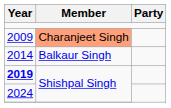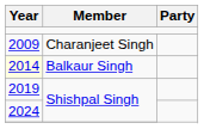 <table class="wikitable">
 <tr>
 <th>Year</th>
 <th>Member</th>
 <th colspan=2>Party</th>
 </tr>
 <tr>
 <td colspan="4"></td>
 </tr>
 <tr>
 <td><a href='#'>2009</a></td>
-<td style="background: lightsalmon;">Charanjeet Singh</td>
+<td>Charanjeet Singh</td>
 <td></td>
 </tr>
 <tr>
-<td><a href='#'>2014</a></td>
+<td style="background: lightyellow;"><a href='#'>2014</a></td>
 <td><a href='#'>Balkaur Singh</a></td>
 </tr>
 <tr>
-<td><strong><a href='#'>2019</a></strong></td>
+<td><a href='#'>2019</a></td>
 <td rowspan=2><a href='#'>Shishpal Singh</a></td>
 <td></td>
 </tr>
 <tr>
 <td><a href='#'>2024</a></td>
 </tr>
 <tr>
 </tr>
 </table>
